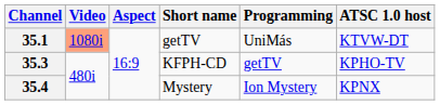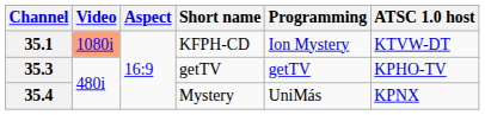 <table class="wikitable">
 <tr>
 <th scope = "col"><a href='#'>Channel</a></th>
 <th scope = "col"><a href='#'>Video</a></th>
 <th scope = "col"><a href='#'>Aspect</a></th>
 <th scope = "col">Short name</th>
 <th scope = "col">Programming</th>
 <th scope = "col">ATSC 1.0 host</th>
 </tr>
 <tr>
 <th scope = "row">35.1</th>
 <td style="background: lightsalmon;"><a href='#'>1080i</a></td>
 <td rowspan=3><a href='#'>16:9</a></td>
-<td>getTV</td>
-<td>UniMás</td>
+<td>KFPH-CD</td>
+<td><a href='#'>Ion Mystery</a></td>
 <td><a href='#'>KTVW-DT</a></td>
 </tr>
 <tr>
 <th scope = "row">35.3</th>
 <td rowspan=2><a href='#'>480i</a></td>
-<td>KFPH-CD</td>
+<td>getTV</td>
 <td><a href='#'>getTV</a></td>
 <td><a href='#'>KPHO-TV</a></td>
 </tr>
 <tr>
 <th scope = "row">35.4</th>
 <td>Mystery</td>
-<td><a href='#'>Ion Mystery</a></td>
+<td>UniMás</td>
 <td><a href='#'>KPNX</a></td>
 </tr>
 </table>
